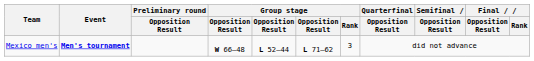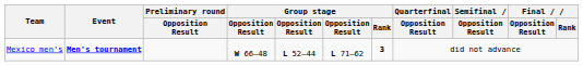 <table class=wikitable style=font-size:90%;text-align:center>
 <tr>
 <th rowspan=2>Team</th>
 <th rowspan=2>Event</th>
 <th>Preliminary round</th>
 <th colspan=4>Group stage</th>
 <th>Quarterfinal</th>
 <th>Semifinal / </th>
 <th colspan=2>Final /  / </th>
 </tr>
 <tr style=font-size:95%>
 <th>Opposition<br>Result</th>
 <th>Opposition<br>Result</th>
 <th>Opposition<br>Result</th>
 <th>Opposition<br>Result</th>
 <th>Rank</th>
 <th>Opposition<br>Result</th>
 <th>Opposition<br>Result</th>
 <th>Opposition<br>Result</th>
 <th>Rank</th>
 </tr>
 <tr>
 <td align=left><a href='#'>Mexico men's</a></td>
 <td align=left><strong><a href='#'>Men's tournament</a></strong></td>
 <td></td>
 <td><br><strong>W</strong> 66–48</td>
 <td><br><strong>L</strong> 52–44</td>
 <td><br><strong>L</strong> 71–62</td>
-<td>3</td>
+<td><strong>3</strong></td>
 <td colspan=4>did not advance</td>
 </tr>
 </table>
